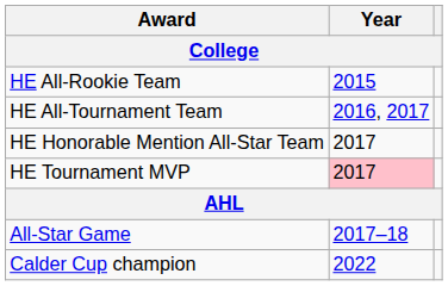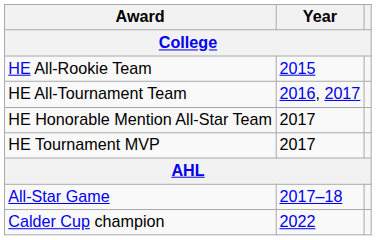 <table class="wikitable">
 <tr>
 <th>Award</th>
 <th>Year</th>
 <th></th>
 </tr>
 <tr>
 <th colspan="3"><a href='#'>College</a></th>
 </tr>
 <tr>
 <td><a href='#'>HE</a> All-Rookie Team</td>
 <td><a href='#'>2015</a></td>
 <td></td>
 </tr>
 <tr>
 <td>HE All-Tournament Team</td>
 <td><a href='#'>2016</a>, <a href='#'>2017</a></td>
 <td></td>
 </tr>
 <tr>
 <td>HE Honorable Mention All-Star Team</td>
 <td>2017</td>
 <td></td>
 </tr>
 <tr>
 <td>HE Tournament MVP</td>
-<td style="background: pink;">2017</td>
+<td>2017</td>
 <td></td>
 </tr>
 <tr>
 <th colspan="3"><a href='#'>AHL</a></th>
 </tr>
 <tr>
 <td><a href='#'>All-Star Game</a></td>
 <td><a href='#'>2017–18</a></td>
 <td></td>
 </tr>
 <tr>
 <td><a href='#'>Calder Cup</a> champion</td>
 <td><a href='#'>2022</a></td>
 <td></td>
 </tr>
 </table>
